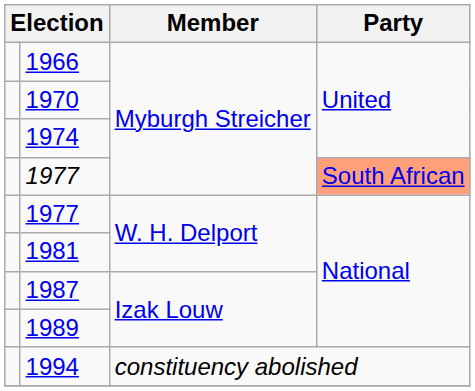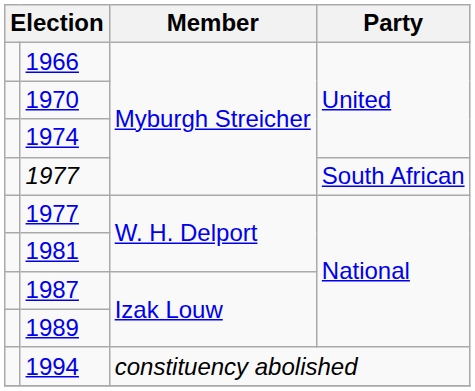 <table class="wikitable">
 <tr>
 <th colspan="2">Election</th>
 <th>Member</th>
 <th>Party</th>
 </tr>
 <tr>
 <td style="background-color: "></td>
 <td><a href='#'>1966</a></td>
 <td rowspan="4"><a href='#'>Myburgh Streicher</a></td>
 <td rowspan="3"><a href='#'>United</a></td>
 </tr>
 <tr>
 <td style="background-color: "></td>
 <td><a href='#'>1970</a></td>
 </tr>
 <tr>
 <td style="background-color: "></td>
 <td><a href='#'>1974</a></td>
 </tr>
 <tr>
 <td style="background-color: "></td>
 <td><em>1977</em></td>
-<td style="background: lightsalmon;"><a href='#'>South African</a></td>
+<td><a href='#'>South African</a></td>
 </tr>
 <tr>
 <td style="background-color: "></td>
 <td><a href='#'>1977</a></td>
 <td rowspan="2"><a href='#'>W. H. Delport</a></td>
 <td rowspan="4"><a href='#'>National</a></td>
 </tr>
 <tr>
 <td style="background-color: "></td>
 <td><a href='#'>1981</a></td>
 </tr>
 <tr>
 <td style="background-color: "></td>
 <td><a href='#'>1987</a></td>
 <td rowspan="2"><a href='#'>Izak Louw</a></td>
 </tr>
 <tr>
 <td style="background-color: "></td>
 <td><a href='#'>1989</a></td>
 </tr>
 <tr>
 <td style="background-color: "></td>
 <td><a href='#'>1994</a></td>
 <td colspan="2"><em>constituency abolished</em></td>
 </tr>
 <tr>
 </tr>
 </table>
